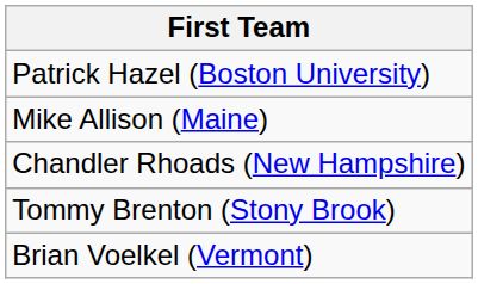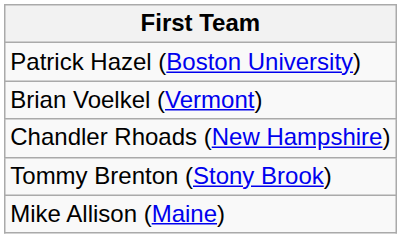 <table class="wikitable">
 <tr>
 <th>First Team</th>
 </tr>
 <tr>
 <td>Patrick Hazel (<a href='#'>Boston University</a>)</td>
 </tr>
 <tr>
-<td>Mike Allison (<a href='#'>Maine</a>)</td>
+<td>Brian Voelkel (<a href='#'>Vermont</a>)</td>
 </tr>
 <tr>
 <td>Chandler Rhoads (<a href='#'>New Hampshire</a>)</td>
 </tr>
 <tr>
 <td>Tommy Brenton (<a href='#'>Stony Brook</a>)</td>
 </tr>
 <tr>
-<td>Brian Voelkel (<a href='#'>Vermont</a>)</td>
+<td>Mike Allison (<a href='#'>Maine</a>)</td>
 </tr>
 </table>
